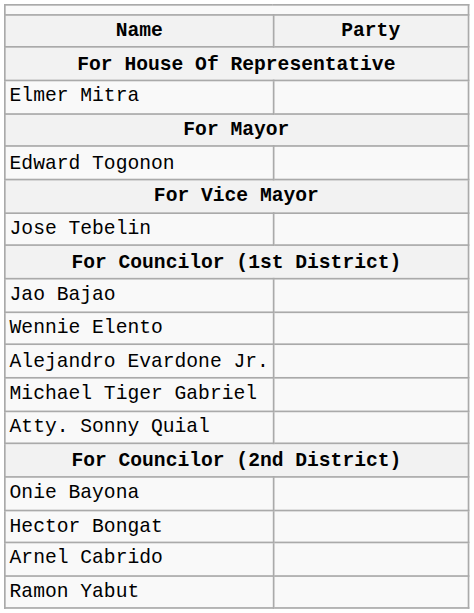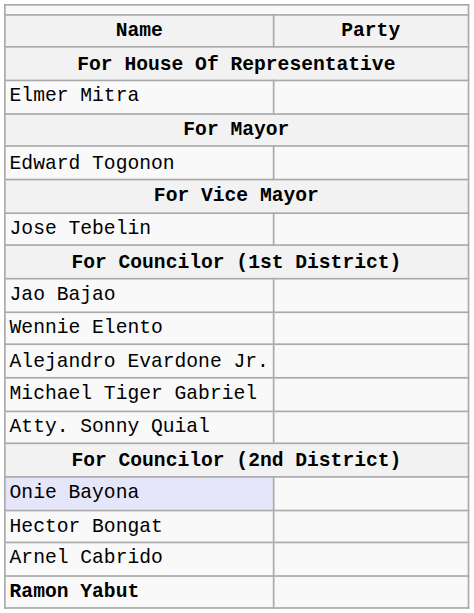 <table class="wikitable" style="font-size:90%">
 <tr>
 <td colspan="5" style="color:inherit;background:"></td>
 </tr>
 <tr>
 <th !width=150px>Name</th>
 <th colspan=2 width=110px>Party</th>
 </tr>
 <tr>
 <th colspan="3">For House Of Representative</th>
 </tr>
 <tr>
 <td>Elmer Mitra</td>
 <td></td>
 </tr>
 <tr>
 <th colspan="3">For Mayor</th>
 </tr>
 <tr>
 <td>Edward Togonon</td>
 <td></td>
 </tr>
 <tr>
 <th colspan="3">For Vice Mayor</th>
 </tr>
 <tr>
 <td>Jose Tebelin</td>
 <td></td>
 </tr>
 <tr>
 <th colspan="3">For Councilor (1st District)</th>
 </tr>
 <tr>
 <td>Jao Bajao</td>
 <td></td>
 </tr>
 <tr>
 <td>Wennie Elento</td>
 <td></td>
 </tr>
 <tr>
 <td>Alejandro Evardone Jr.</td>
 <td></td>
 </tr>
 <tr>
 <td>Michael Tiger Gabriel</td>
 <td></td>
 </tr>
 <tr>
 <td>Atty. Sonny Quial</td>
 <td></td>
 </tr>
 <tr>
 <th colspan="3">For Councilor (2nd District)</th>
 </tr>
 <tr>
-<td>Onie Bayona</td>
+<td style="background: lavender;">Onie Bayona</td>
 <td></td>
 </tr>
 <tr>
 <td>Hector Bongat</td>
 <td></td>
 </tr>
 <tr>
 <td>Arnel Cabrido</td>
 <td></td>
 </tr>
 <tr>
-<td>Ramon Yabut</td>
+<td><strong>Ramon Yabut</strong></td>
 <td></td>
 </tr>
 </table>
